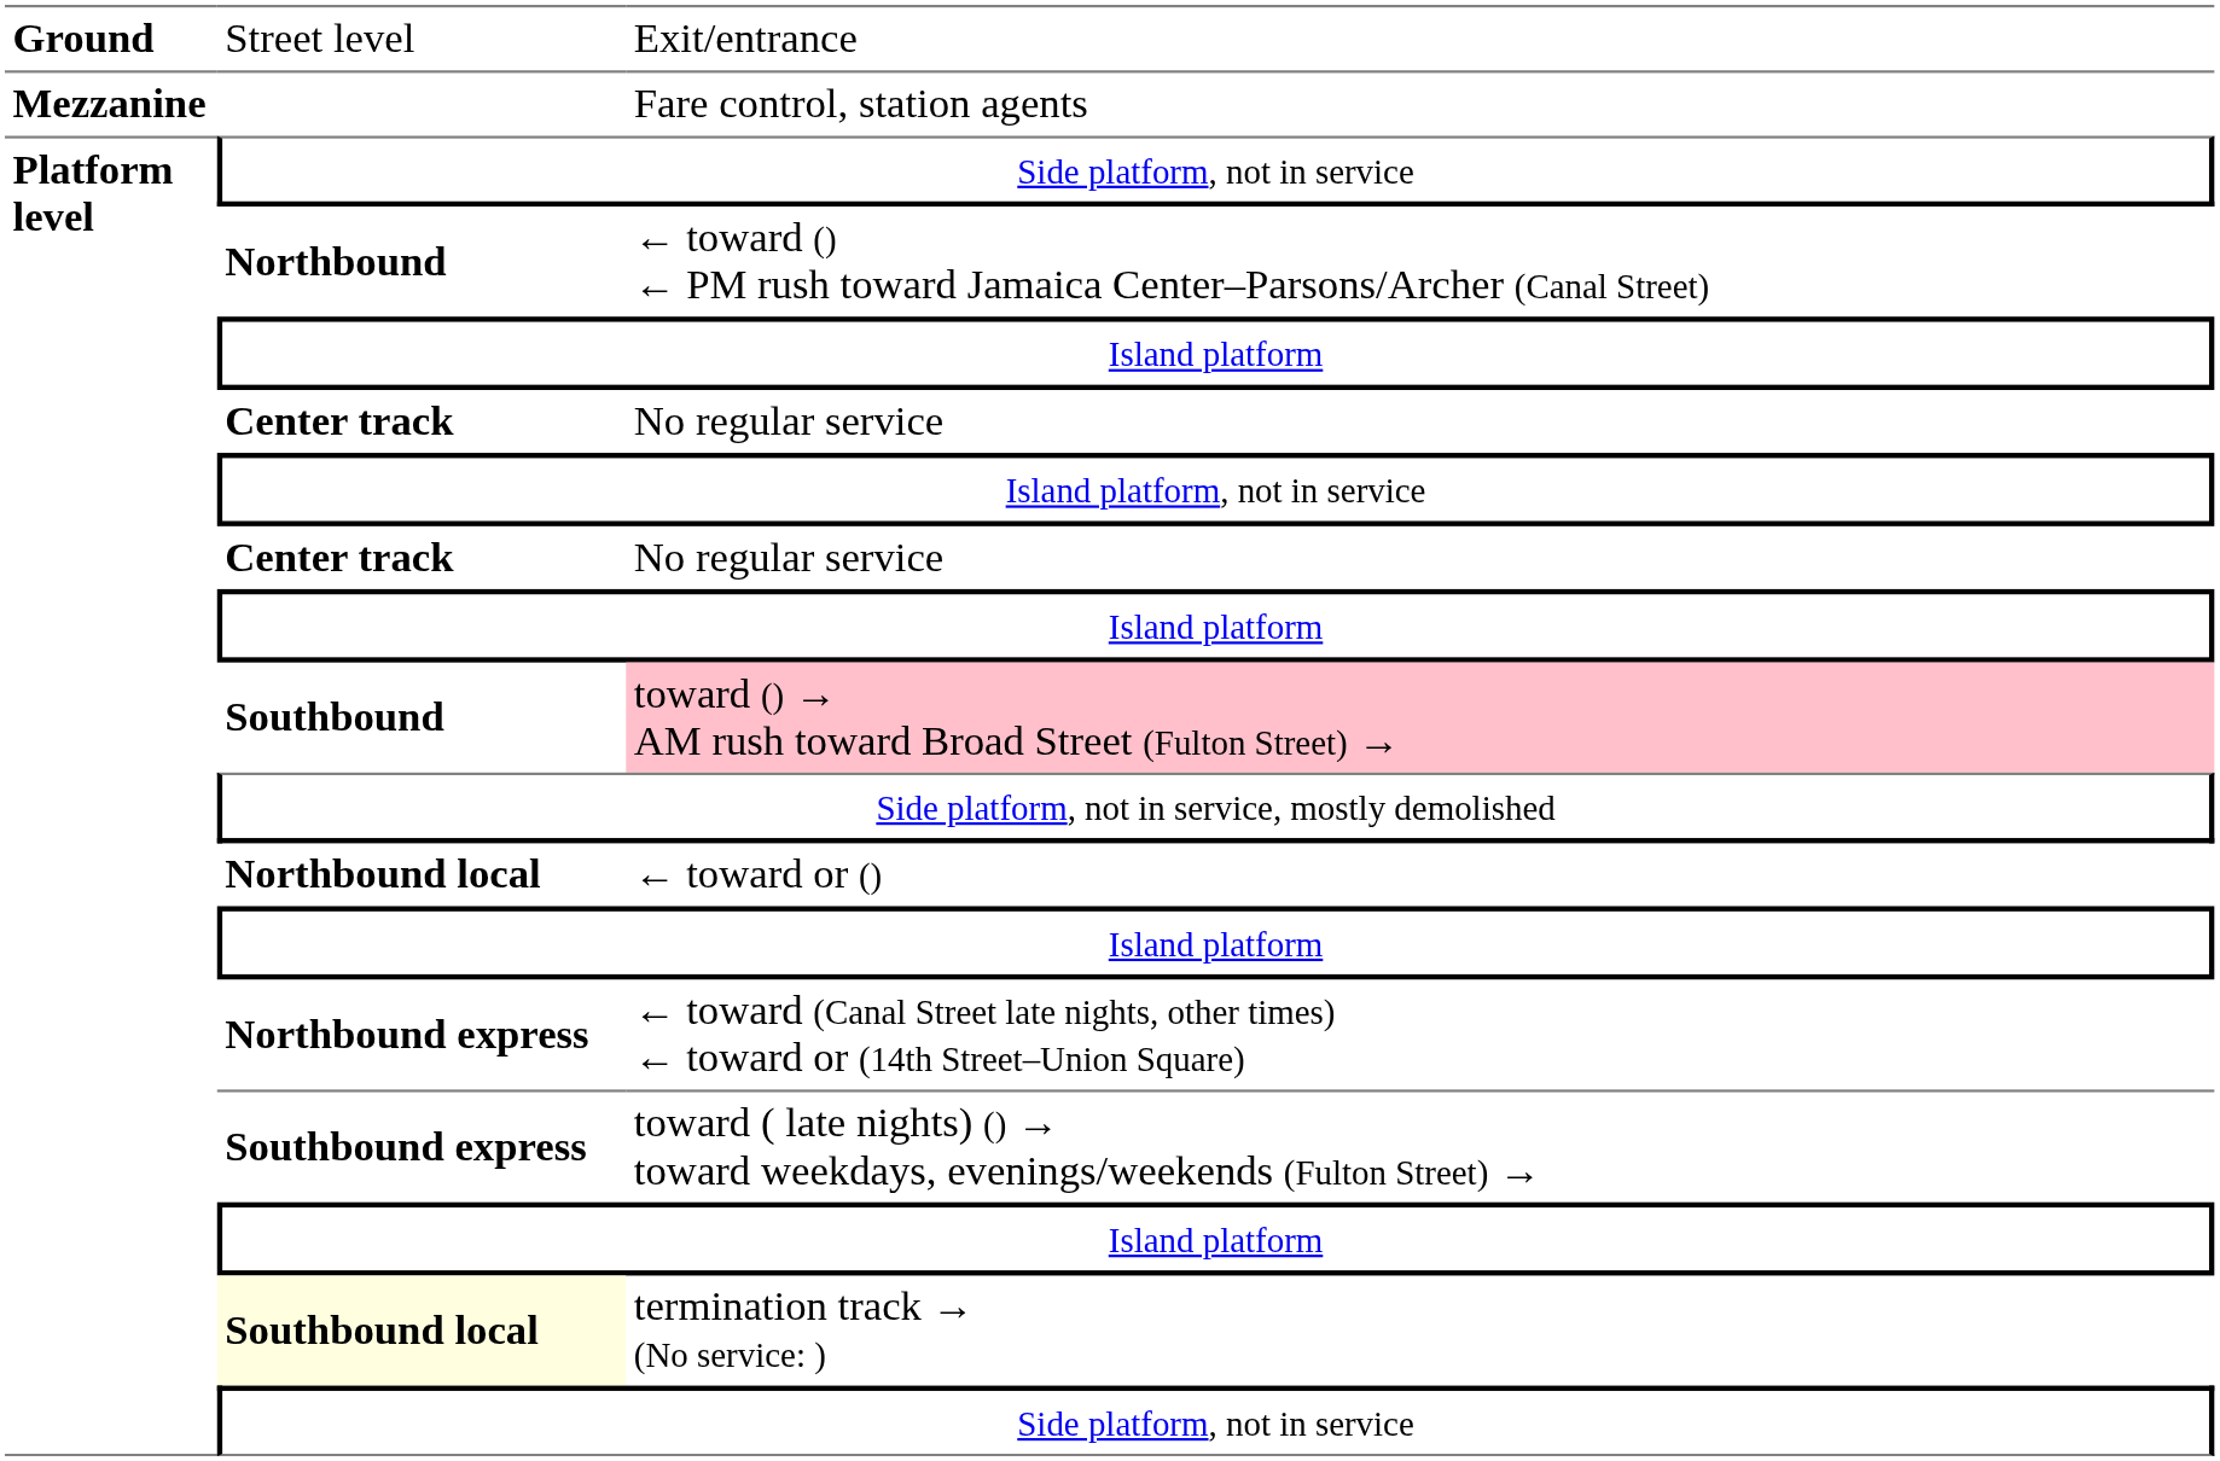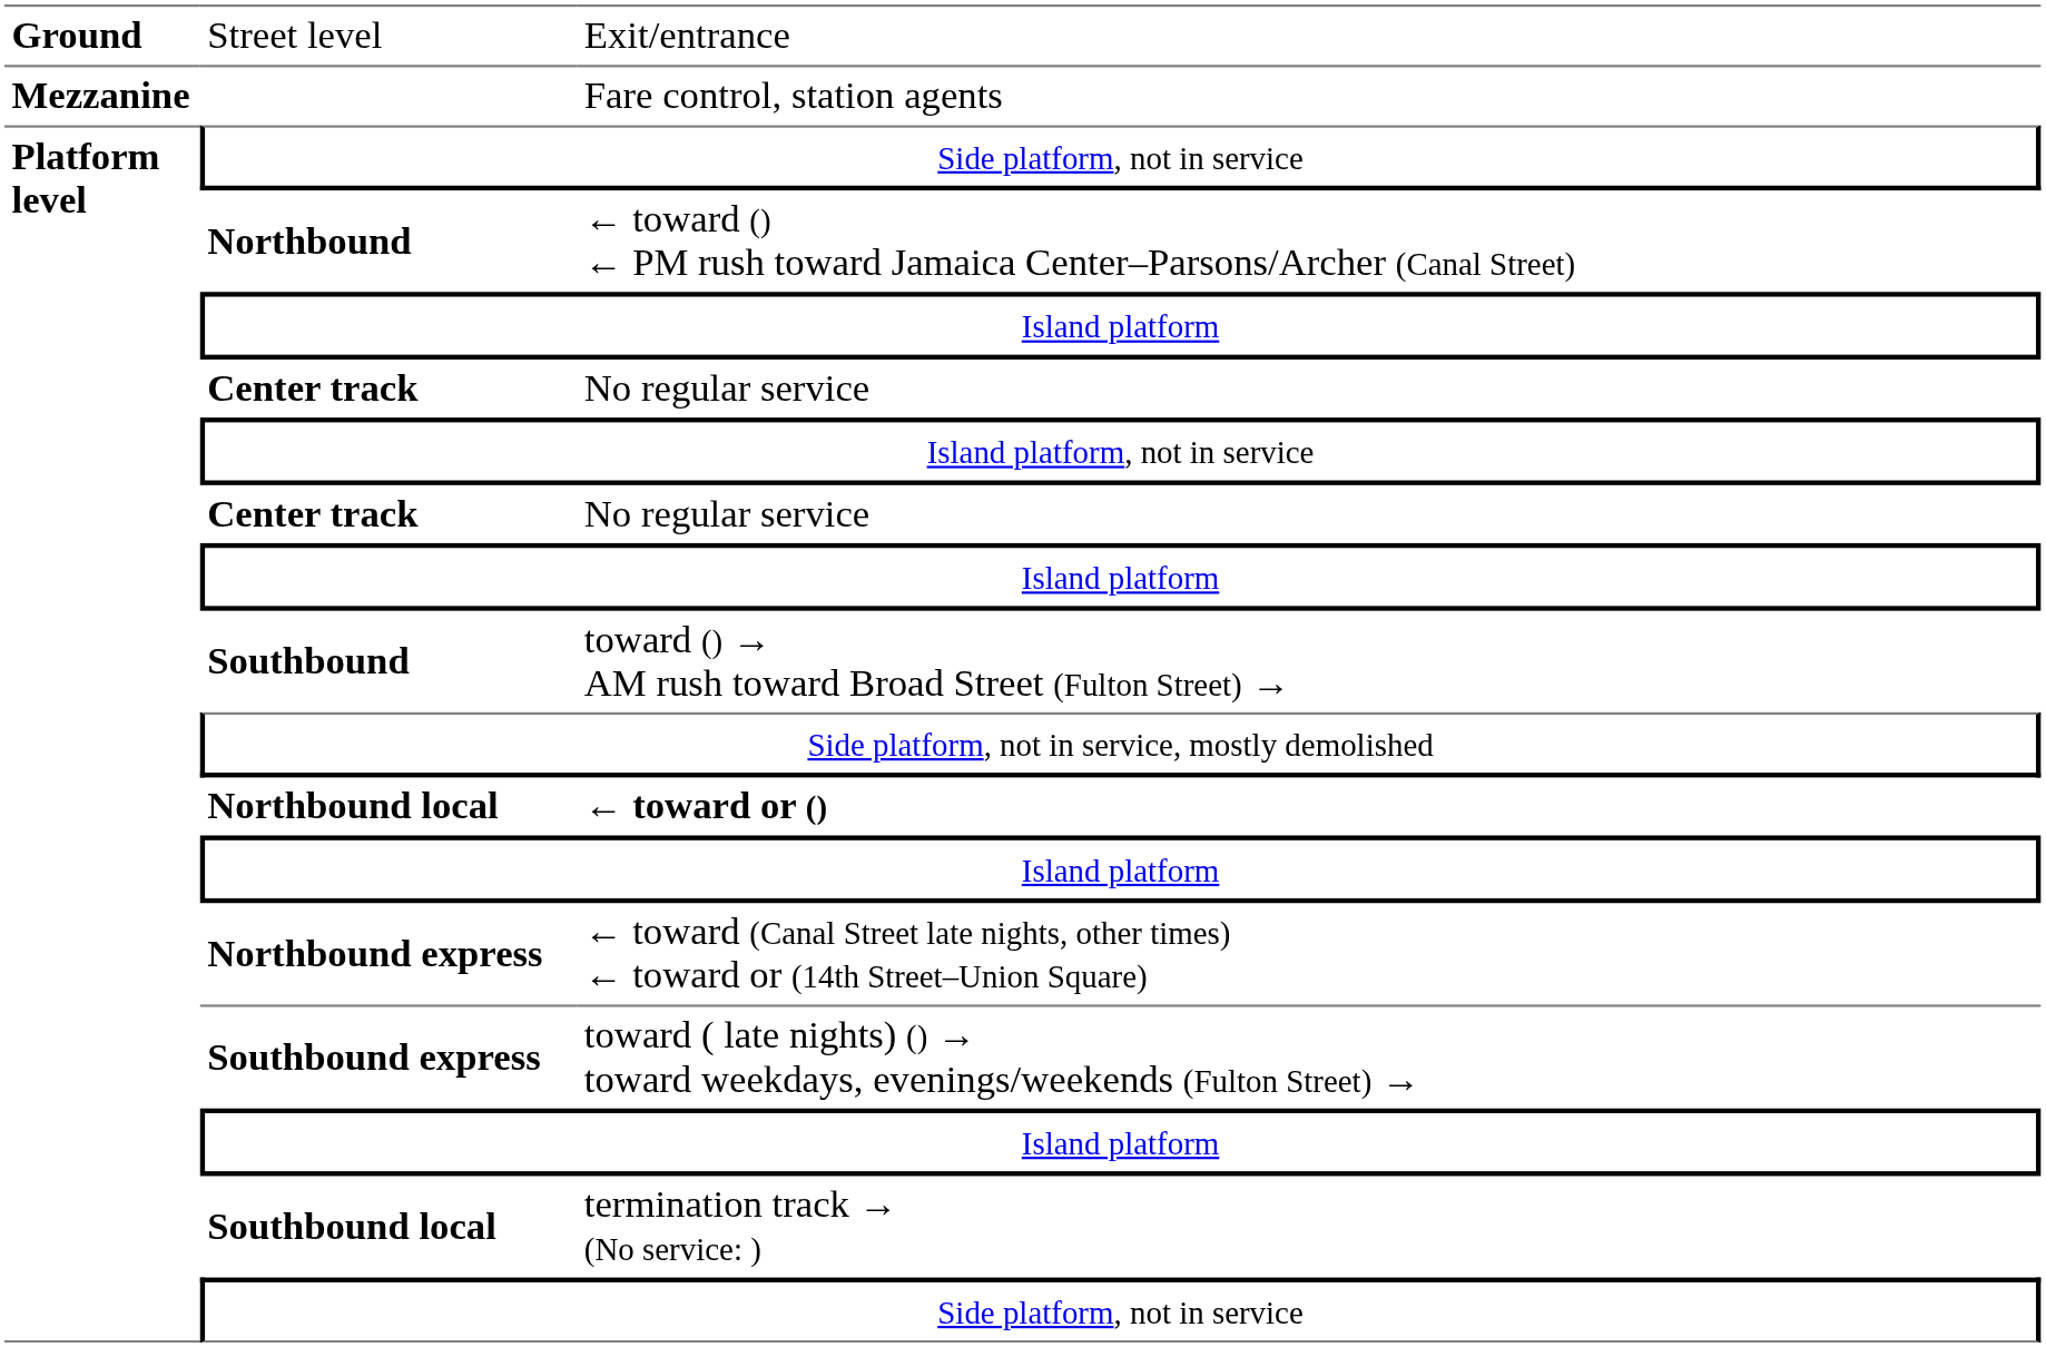 <table table border=0 cellspacing=0 cellpadding=3>
 <tr>
 <td style="border-bottom:solid 1px gray;border-top:solid 1px gray;" width=75><strong>Ground</strong></td>
 <td style="border-top:solid 1px gray;border-bottom:solid 1px gray;" width=150>Street level</td>
 <td style="border-top:solid 1px gray;border-bottom:solid 1px gray;" width=600>Exit/entrance</td>
 </tr>
 <tr>
 <td style="vertical-align:top;" colspan=2><strong>Mezzanine</strong></td>
 <td>Fare control, station agents <br></td>
 </tr>
 <tr>
 <td style="border-top:solid 1px gray;border-bottom:solid 1px gray;vertical-align:top;" rowspan=17><strong>Platform level</strong></td>
 <td style="border-top:solid 1px gray;border-right:solid 2px black;border-left:solid 2px black;border-bottom:solid 2px black;text-align:center;" colspan=2><small><a href='#'>Side platform</a>, not in service</small></td>
 </tr>
 <tr>
 <td><span><strong>Northbound</strong></span></td>
 <td>←  toward  <small>()</small><br>←  PM rush toward Jamaica Center–Parsons/Archer <small>(Canal Street)</small></td>
 </tr>
 <tr>
 <td style="border-top:solid 2px black;border-right:solid 2px black;border-left:solid 2px black;border-bottom:solid 2px black;text-align:center;" colspan=2><small><a href='#'>Island platform</a> </small></td>
 </tr>
 <tr>
 <td><span><strong>Center track</strong></span></td>
 <td> No regular service</td>
 </tr>
 <tr>
 <td style="border-top:solid 2px black;border-right:solid 2px black;border-left:solid 2px black;border-bottom:solid 2px black;text-align:center;" colspan=2><small><a href='#'>Island platform</a>, not in service</small></td>
 </tr>
 <tr>
 <td><span><strong>Center track</strong></span></td>
 <td> No regular service</td>
 </tr>
 <tr>
 <td style="border-top:solid 2px black;border-right:solid 2px black;border-left:solid 2px black;border-bottom:solid 2px black;text-align:center;" colspan=2><small><a href='#'>Island platform</a> </small></td>
 </tr>
 <tr>
 <td><span><strong>Southbound</strong></span></td>
-<td style="background: pink;">  toward  <small>()</small> →<br>  AM rush toward Broad Street <small>(Fulton Street)</small> →</td>
+<td>  toward  <small>()</small> →<br>  AM rush toward Broad Street <small>(Fulton Street)</small> →</td>
 </tr>
 <tr>
 <td style="border-top:solid 1px gray;border-right:solid 2px black;border-left:solid 2px black;border-bottom:solid 2px black;text-align:center;" colspan=2><small><a href='#'>Side platform</a>, not in service, mostly demolished</small></td>
 </tr>
 <tr>
 <td><span><strong>Northbound local</strong></span></td>
-<td>←  toward  or  <small>()</small></td>
+<td><strong>←  toward  or  <small>()</small></strong></td>
 </tr>
 <tr>
 <td style="border-top:solid 2px black;border-right:solid 2px black;border-left:solid 2px black;border-bottom:solid 2px black;text-align:center;" colspan=2><small><a href='#'>Island platform</a> </small></td>
 </tr>
 <tr>
 <td style="border-bottom:solid 1px gray;color:#"><strong>Northbound express</strong></td>
 <td style="border-bottom:solid 1px gray;">←  toward  <small>(Canal Street late nights,  other times)</small><br>←  toward  or  <small>(14th Street–Union Square)</small></td>
 </tr>
 <tr>
 <td><span><strong>Southbound express</strong></span></td>
 <td>  toward  ( late nights) <small>()</small> →<br>  toward  weekdays,  evenings/weekends <small>(Fulton Street)</small> →</td>
 </tr>
 <tr>
 <td style="border-top:solid 2px black;border-right:solid 2px black;border-left:solid 2px black;border-bottom:solid 2px black;text-align:center;" colspan=2><small><a href='#'>Island platform</a> </small></td>
 </tr>
 <tr>
-<td style="background: lightyellow;"><span><strong>Southbound local</strong></span></td>
+<td><span><strong>Southbound local</strong></span></td>
 <td>   termination track →<br><small>(No service: )</small></td>
 </tr>
 <tr>
 <td style="border-top:solid 2px black;border-right:solid 2px black;border-left:solid 2px black;border-bottom:solid 1px gray;text-align:center;" colspan=2><small><a href='#'>Side platform</a>, not in service</small></td>
 </tr>
 </table>
